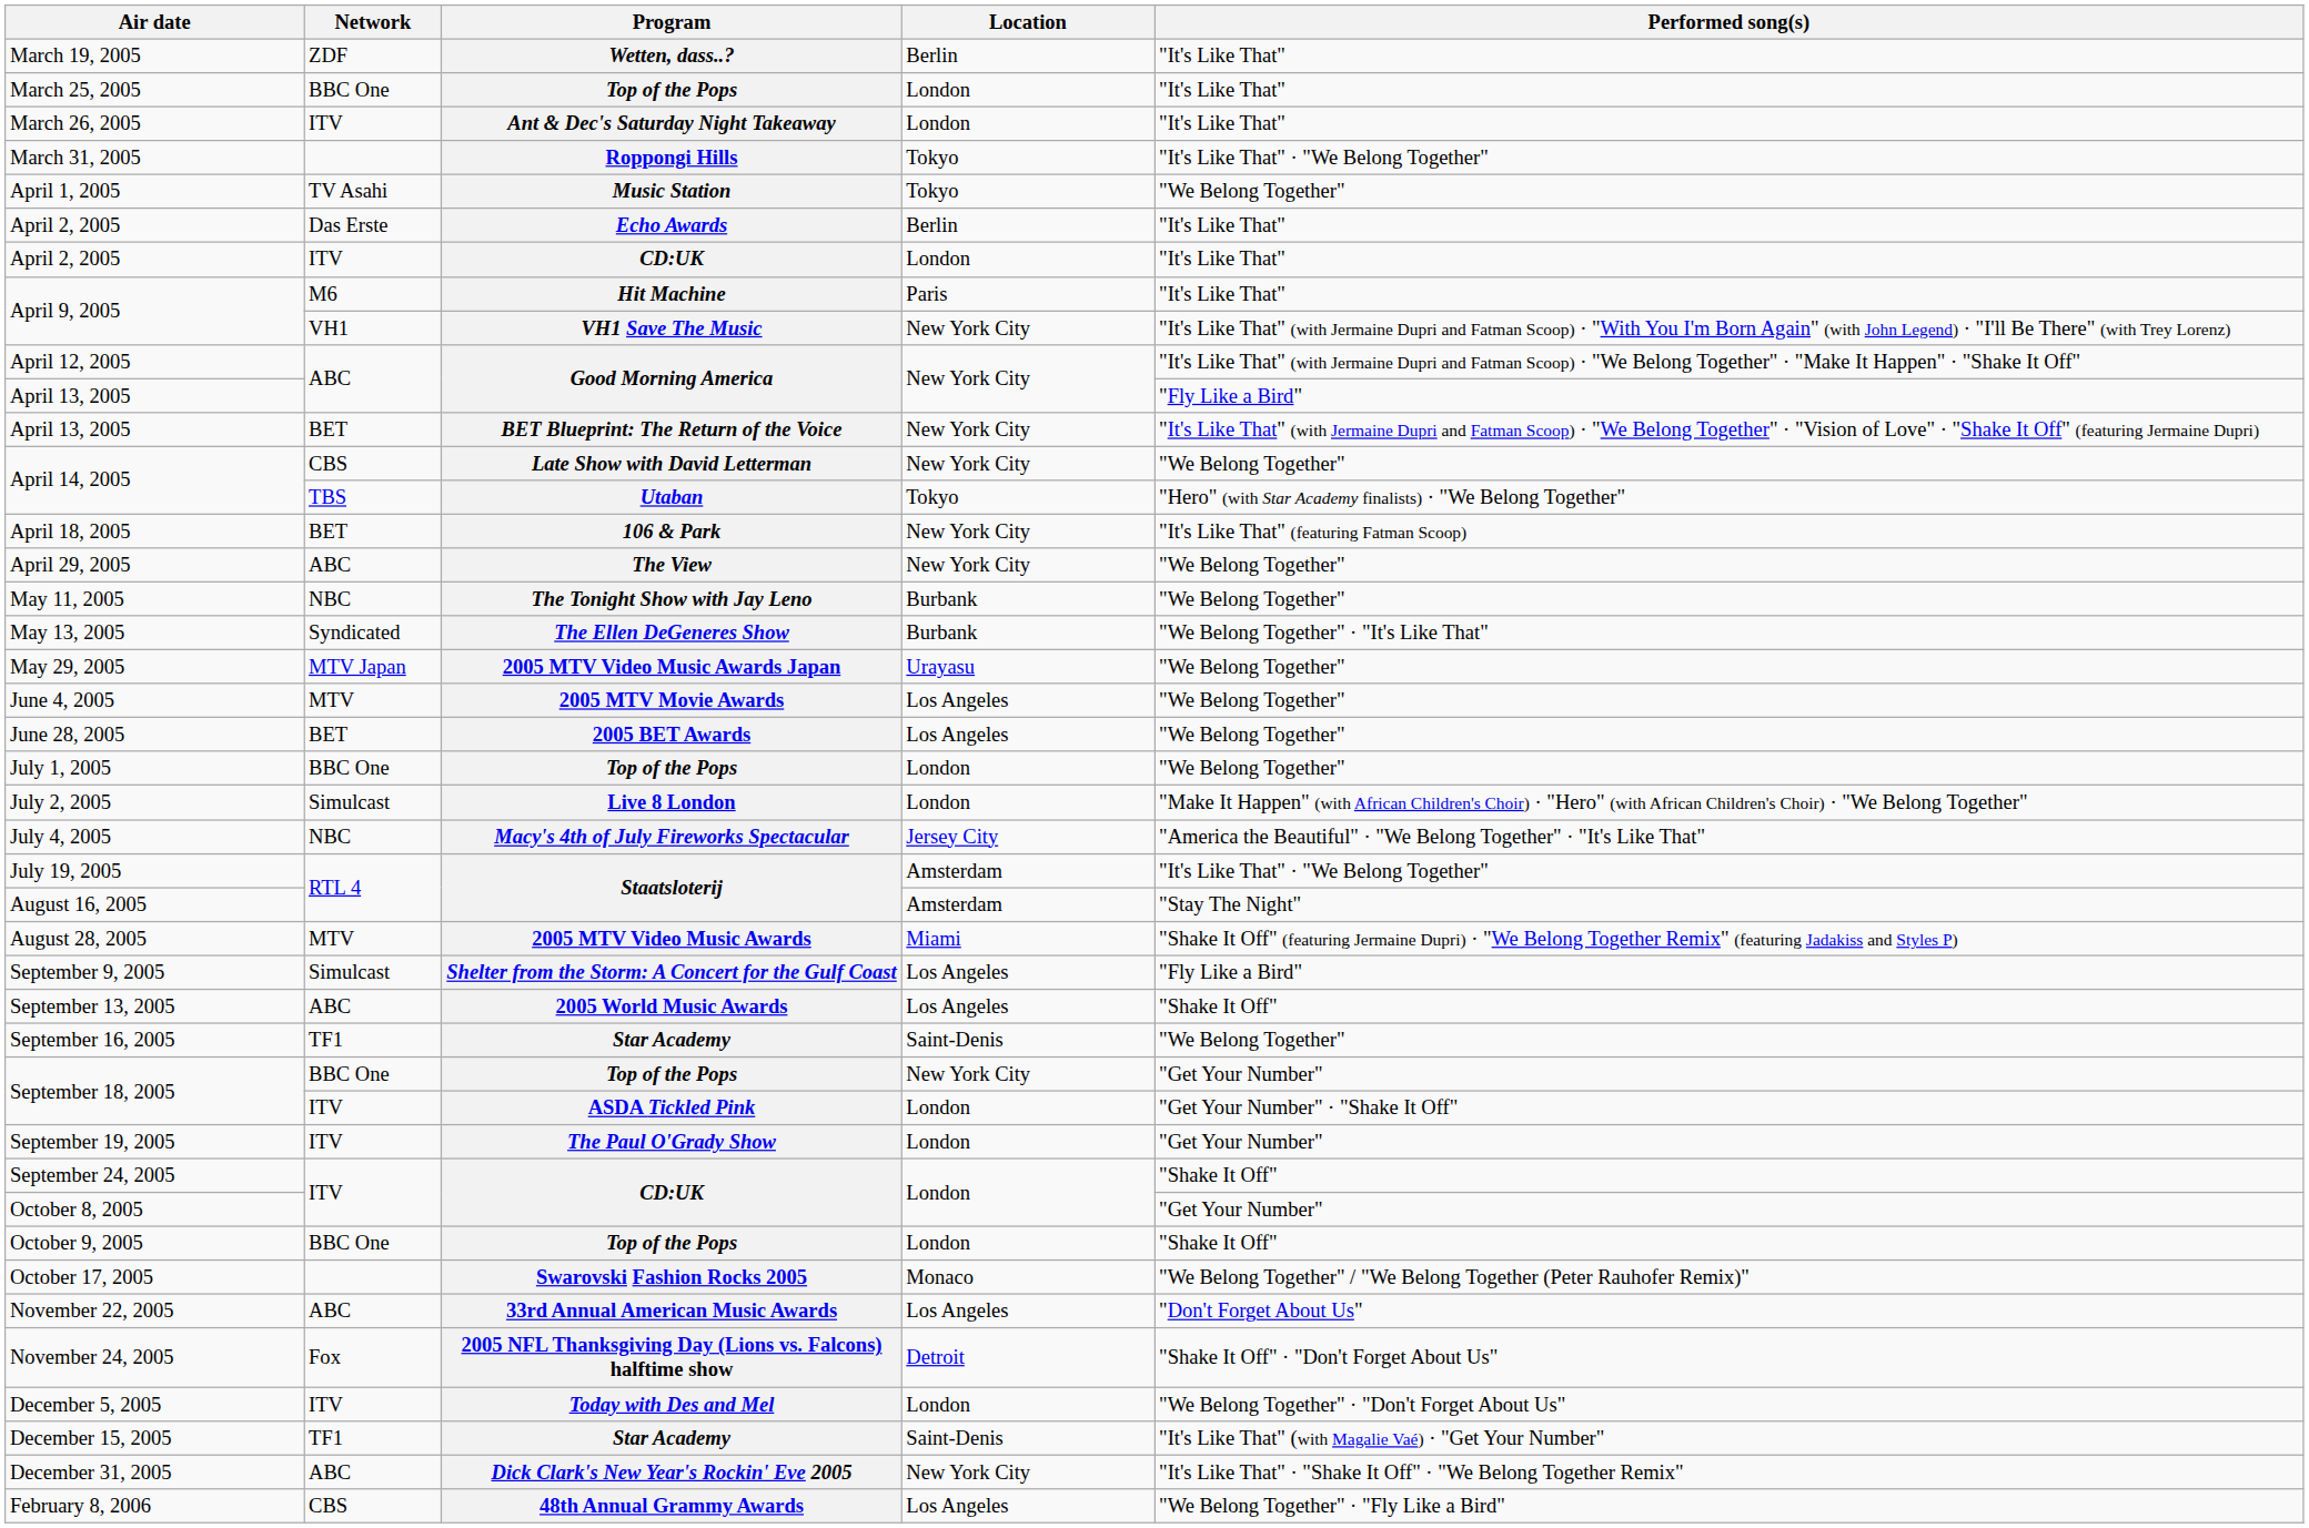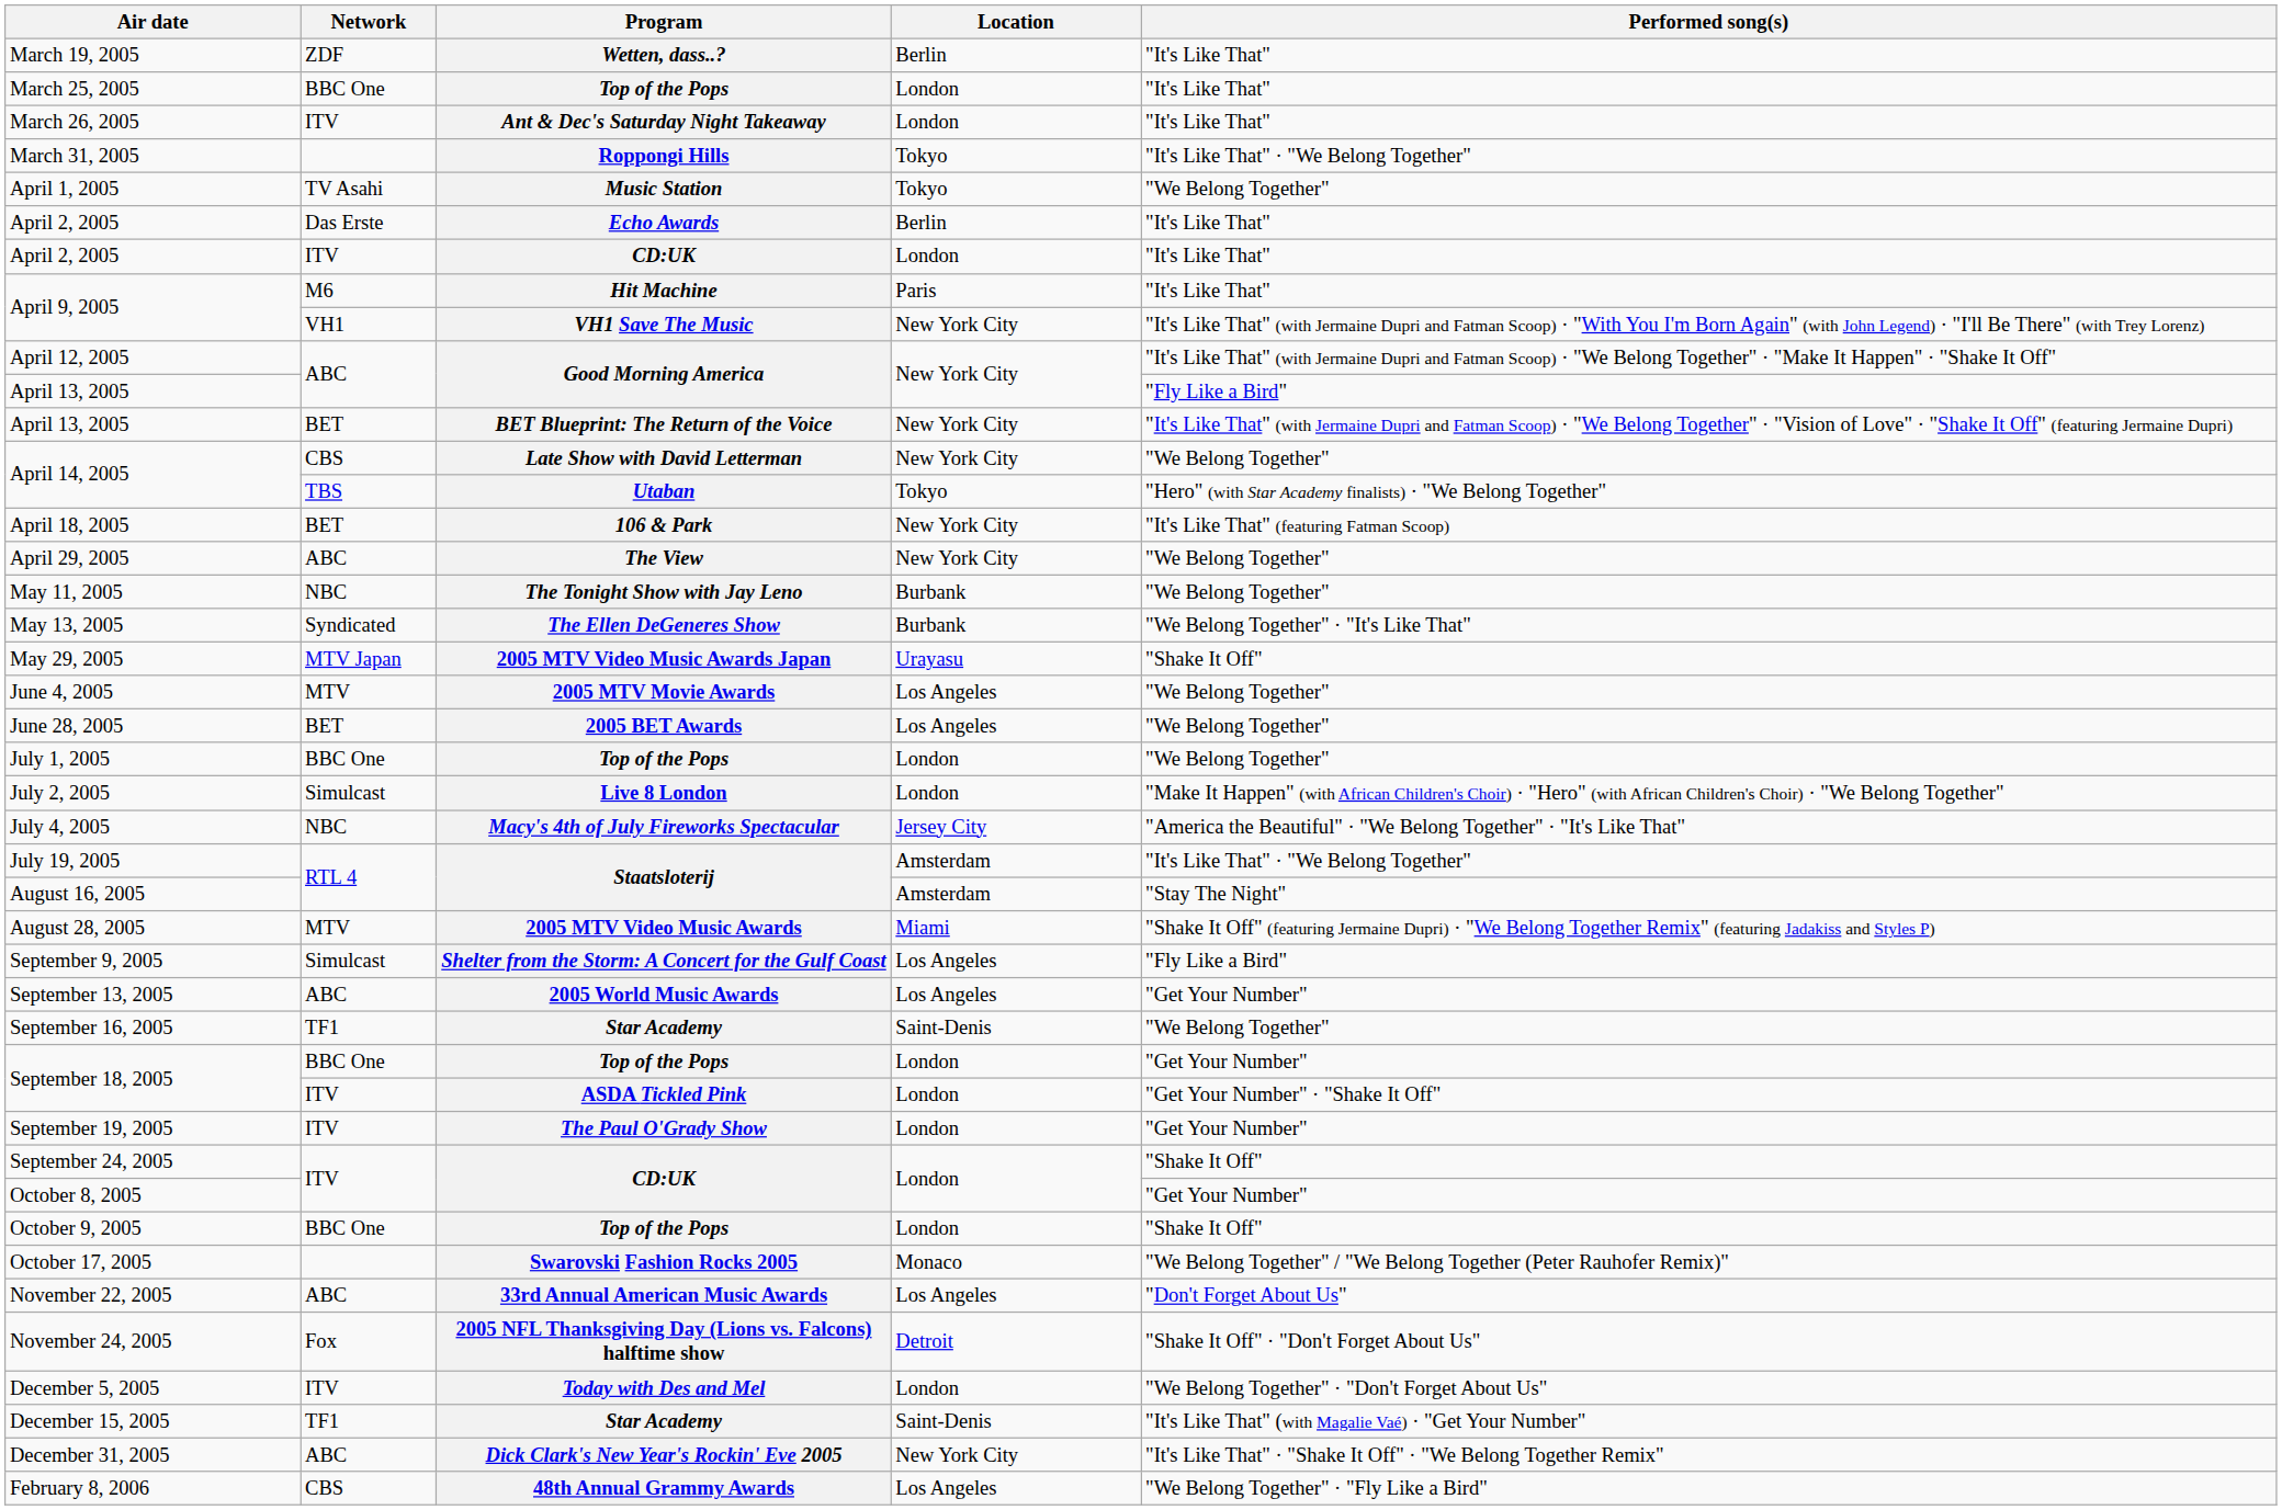 <table class="wikitable sortable plainrowheaders" style="font-size:95%;">
 <tr>
 <th style="width:13%;">Air date</th>
 <th style="width:6%;">Network</th>
 <th style="width:20%;">Program</th>
 <th style="width:11%;">Location</th>
 <th style="width:51%;">Performed song(s)</th>
 </tr>
 <tr>
 <td>March 19, 2005</td>
 <td>ZDF</td>
 <th scope="row"><em>Wetten, dass..?</em></th>
 <td>Berlin</td>
 <td>"It's Like That"</td>
 </tr>
 <tr>
 <td>March 25, 2005</td>
 <td>BBC One</td>
 <th scope="row"><em>Top of the Pops</em></th>
 <td>London</td>
 <td>"It's Like That"</td>
 </tr>
 <tr>
 <td>March 26, 2005</td>
 <td>ITV</td>
 <th scope="row"><em>Ant & Dec's Saturday Night Takeaway</em></th>
 <td>London</td>
 <td>"It's Like That"</td>
 </tr>
 <tr>
 <td>March 31, 2005</td>
 <td></td>
 <th scope="row"><a href='#'>Roppongi Hills</a></th>
 <td>Tokyo</td>
 <td>"It's Like That" · "We Belong Together"</td>
 </tr>
 <tr>
 <td>April 1, 2005</td>
 <td>TV Asahi</td>
 <th scope="row"><em>Music Station</em></th>
 <td>Tokyo</td>
 <td>"We Belong Together"</td>
 </tr>
 <tr>
 <td>April 2, 2005</td>
 <td>Das Erste</td>
 <th scope="row"><em><a href='#'>Echo Awards</a></em></th>
 <td>Berlin</td>
 <td>"It's Like That"</td>
 </tr>
 <tr>
 <td>April 2, 2005</td>
 <td>ITV</td>
 <th scope="row"><em>CD:UK</em></th>
 <td>London</td>
 <td>"It's Like That"</td>
 </tr>
 <tr>
 <td rowspan="2">April 9, 2005</td>
 <td>M6</td>
 <th scope="row"><em>Hit Machine</em></th>
 <td>Paris</td>
 <td>"It's Like That"</td>
 </tr>
 <tr>
 <td>VH1</td>
 <th scope="row"><em>VH1 <a href='#'>Save The Music</a></em></th>
 <td>New York City</td>
 <td>"It's Like That" <small>(with Jermaine Dupri and Fatman Scoop)</small> · "<a href='#'>With You I'm Born Again</a>" <small>(with <a href='#'>John Legend</a>)</small> · "I'll Be There" <small>(with Trey Lorenz)</small></td>
 </tr>
 <tr>
 <td>April 12, 2005</td>
 <td rowspan="2">ABC</td>
 <th scope="row" rowspan="2"><em>Good Morning America</em></th>
 <td rowspan="2">New York City</td>
 <td>"It's Like That" <small>(with Jermaine Dupri and Fatman Scoop)</small> · "We Belong Together" · "Make It Happen" · "Shake It Off"</td>
 </tr>
 <tr>
 <td>April 13, 2005</td>
 <td>"<a href='#'>Fly Like a Bird</a>"</td>
 </tr>
 <tr>
 <td>April 13, 2005</td>
 <td>BET</td>
 <th scope="row"><em>BET Blueprint: The Return of the Voice</em></th>
 <td>New York City</td>
 <td>"<a href='#'>It's Like That</a>" <small>(with <a href='#'>Jermaine Dupri</a> and <a href='#'>Fatman Scoop</a>)</small> · "<a href='#'>We Belong Together</a>" · "Vision of Love" · "<a href='#'>Shake It Off</a>" <small>(featuring Jermaine Dupri)</small></td>
 </tr>
 <tr>
 <td rowspan="2">April 14, 2005</td>
 <td>CBS</td>
 <th scope="row"><em>Late Show with David Letterman</em></th>
 <td>New York City</td>
 <td>"We Belong Together"</td>
 </tr>
 <tr>
 <td><a href='#'>TBS</a></td>
 <th scope="row"><em><a href='#'>Utaban</a></em></th>
 <td>Tokyo</td>
 <td>"Hero" <small>(with <em>Star Academy</em> finalists)</small> · "We Belong Together"</td>
 </tr>
 <tr>
 <td>April 18, 2005</td>
 <td>BET</td>
 <th scope="row"><em>106 & Park</em></th>
 <td>New York City</td>
 <td>"It's Like That" <small>(featuring Fatman Scoop)</small></td>
 </tr>
 <tr>
 <td>April 29, 2005</td>
 <td>ABC</td>
 <th scope="row"><em>The View</em></th>
 <td>New York City</td>
 <td>"We Belong Together"</td>
 </tr>
 <tr>
 <td>May 11, 2005</td>
 <td>NBC</td>
 <th scope="row"><em>The Tonight Show with Jay Leno</em></th>
 <td>Burbank</td>
 <td>"We Belong Together"</td>
 </tr>
 <tr>
 <td>May 13, 2005</td>
 <td>Syndicated</td>
 <th scope="row"><em><a href='#'>The Ellen DeGeneres Show</a></em></th>
 <td>Burbank</td>
 <td>"We Belong Together" · "It's Like That"</td>
 </tr>
 <tr>
 <td>May 29, 2005</td>
 <td><a href='#'>MTV Japan</a></td>
 <th scope="row"><a href='#'>2005 MTV Video Music Awards Japan</a></th>
 <td><a href='#'>Urayasu</a></td>
-<td>"We Belong Together"</td>
+<td>"Shake It Off"</td>
 </tr>
 <tr>
 <td>June 4, 2005</td>
 <td>MTV</td>
 <th scope="row"><a href='#'>2005 MTV Movie Awards</a></th>
 <td>Los Angeles</td>
 <td>"We Belong Together"</td>
 </tr>
 <tr>
 <td>June 28, 2005</td>
 <td>BET</td>
 <th scope="row"><a href='#'>2005 BET Awards</a></th>
 <td>Los Angeles</td>
 <td>"We Belong Together"</td>
 </tr>
 <tr>
 <td>July 1, 2005</td>
 <td>BBC One</td>
 <th scope="row"><em>Top of the Pops</em></th>
 <td>London</td>
 <td>"We Belong Together"</td>
 </tr>
 <tr>
 <td>July 2, 2005</td>
 <td>Simulcast</td>
 <th scope="row"><a href='#'>Live 8 London</a></th>
 <td>London</td>
 <td>"Make It Happen" <small>(with <a href='#'>African Children's Choir</a>)</small> · "Hero" <small>(with African Children's Choir)</small> · "We Belong Together"</td>
 </tr>
 <tr>
 <td>July 4, 2005</td>
 <td>NBC</td>
 <th scope="row"><em><a href='#'>Macy's 4th of July Fireworks Spectacular</a></em></th>
 <td><a href='#'>Jersey City</a></td>
 <td>"America the Beautiful" · "We Belong Together" · "It's Like That"</td>
 </tr>
 <tr>
 <td>July 19, 2005</td>
 <td rowspan="2"><a href='#'>RTL 4</a></td>
 <th scope="row" rowspan="2"><em>Staatsloterij</em></th>
 <td>Amsterdam</td>
 <td>"It's Like That" · "We Belong Together"</td>
 </tr>
 <tr>
 <td>August 16, 2005</td>
 <td>Amsterdam</td>
 <td>"Stay The Night"</td>
 </tr>
 <tr>
 <td>August 28, 2005</td>
 <td>MTV</td>
 <th scope="row"><a href='#'>2005 MTV Video Music Awards</a></th>
 <td><a href='#'>Miami</a></td>
 <td>"Shake It Off" <small>(featuring Jermaine Dupri)</small> · "<a href='#'>We Belong Together Remix</a>" <small>(featuring <a href='#'>Jadakiss</a> and <a href='#'>Styles P</a>)</small></td>
 </tr>
 <tr>
 <td>September 9, 2005</td>
 <td>Simulcast</td>
 <th scope="row"><em><a href='#'>Shelter from the Storm: A Concert for the Gulf Coast</a></em></th>
 <td>Los Angeles</td>
 <td>"Fly Like a Bird"</td>
 </tr>
 <tr>
 <td>September 13, 2005</td>
 <td>ABC</td>
 <th scope="row"><a href='#'>2005 World Music Awards</a></th>
 <td>Los Angeles</td>
-<td>"Shake It Off"</td>
+<td>"Get Your Number"</td>
 </tr>
 <tr>
 <td>September 16, 2005</td>
 <td>TF1</td>
 <th scope="row"><em>Star Academy</em></th>
 <td>Saint-Denis</td>
 <td>"We Belong Together"</td>
 </tr>
 <tr>
 <td rowspan="2">September 18, 2005</td>
 <td>BBC One</td>
 <th scope="row"><em>Top of the Pops</em></th>
-<td>New York City</td>
+<td>London</td>
 <td>"Get Your Number"</td>
 </tr>
 <tr>
 <td>ITV</td>
 <th scope="row"><a href='#'>ASDA <em>Tickled Pink</em></a></th>
 <td>London</td>
 <td>"Get Your Number" · "Shake It Off"</td>
 </tr>
 <tr>
 <td>September 19, 2005 </td>
 <td>ITV</td>
 <th scope="row"><em><a href='#'>The Paul O'Grady Show</a></em></th>
 <td>London</td>
 <td>"Get Your Number"</td>
 </tr>
 <tr>
 <td>September 24, 2005</td>
 <td rowspan="2">ITV</td>
 <th scope="row" rowspan="2"><em>CD:UK</em></th>
 <td rowspan="2">London</td>
 <td>"Shake It Off"</td>
 </tr>
 <tr>
 <td>October 8, 2005</td>
 <td>"Get Your Number"</td>
 </tr>
 <tr>
 <td>October 9, 2005</td>
 <td>BBC One</td>
 <th scope="row"><em>Top of the Pops</em></th>
 <td>London</td>
 <td>"Shake It Off"</td>
 </tr>
 <tr>
 <td>October 17, 2005</td>
 <td></td>
 <th scope="row"><a href='#'>Swarovski</a> <a href='#'>Fashion Rocks 2005</a></th>
 <td>Monaco</td>
 <td>"We Belong Together" / "We Belong Together (Peter Rauhofer Remix)"</td>
 </tr>
 <tr>
 <td>November 22, 2005</td>
 <td>ABC</td>
 <th scope="row"><a href='#'>33rd Annual American Music Awards</a></th>
 <td>Los Angeles</td>
 <td>"<a href='#'>Don't Forget About Us</a>"</td>
 </tr>
 <tr>
 <td>November 24, 2005</td>
 <td>Fox</td>
 <th scope="row"><a href='#'>2005 NFL Thanksgiving Day (Lions vs. Falcons)</a> <br>halftime show</th>
 <td><a href='#'>Detroit</a></td>
 <td>"Shake It Off" · "Don't Forget About Us"</td>
 </tr>
 <tr>
 <td>December 5, 2005</td>
 <td>ITV</td>
 <th scope="row"><em><a href='#'>Today with Des and Mel</a></em></th>
 <td>London</td>
 <td>"We Belong Together" · "Don't Forget About Us"</td>
 </tr>
 <tr>
 <td>December 15, 2005</td>
 <td>TF1</td>
 <th scope="row"><em>Star Academy</em></th>
 <td>Saint-Denis</td>
 <td>"It's Like That" (<small>with <a href='#'>Magalie Vaé</a>)</small> · "Get Your Number"</td>
 </tr>
 <tr>
 <td>December 31, 2005</td>
 <td>ABC</td>
 <th scope="row"><em><a href='#'>Dick Clark's New Year's Rockin' Eve</a> 2005</em></th>
 <td>New York City</td>
 <td>"It's Like That" · "Shake It Off"  · "We Belong Together Remix"</td>
 </tr>
 <tr>
 <td>February 8, 2006</td>
 <td>CBS</td>
 <th scope="row"><a href='#'>48th Annual Grammy Awards</a></th>
 <td>Los Angeles</td>
 <td>"We Belong Together" · "Fly Like a Bird"</td>
 </tr>
 </table>
